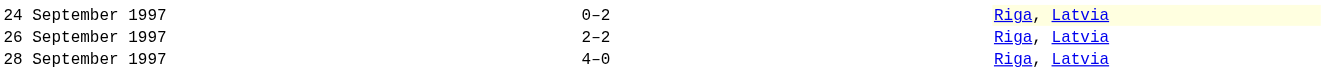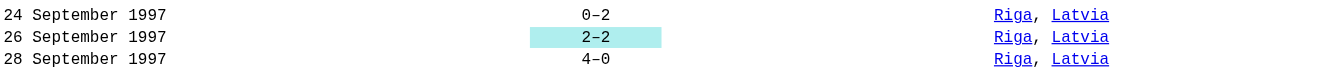 <table cellspacing=1 width=85%>
 <tr>
 <th width=15%></th>
 <th width=25%></th>
 <th width=10%></th>
 <th width=25%></th>
 <th width=25%></th>
 </tr>
 <tr>
 <td>24 September 1997</td>
 <td align=right></td>
 <td align=center>0–2</td>
 <td></td>
-<td style="background: lightyellow;"><a href='#'>Riga</a>, <a href='#'>Latvia</a></td>
+<td><a href='#'>Riga</a>, <a href='#'>Latvia</a></td>
 </tr>
 <tr>
 <td>26 September 1997</td>
 <td align=right></td>
-<td align=center>2–2</td>
+<td align=center style="background: paleturquoise;">2–2</td>
 <td></td>
 <td><a href='#'>Riga</a>, <a href='#'>Latvia</a></td>
 </tr>
 <tr>
 <td>28 September 1997</td>
 <td align=right></td>
 <td align=center>4–0</td>
 <td></td>
 <td><a href='#'>Riga</a>, <a href='#'>Latvia</a></td>
 </tr>
 </table>
